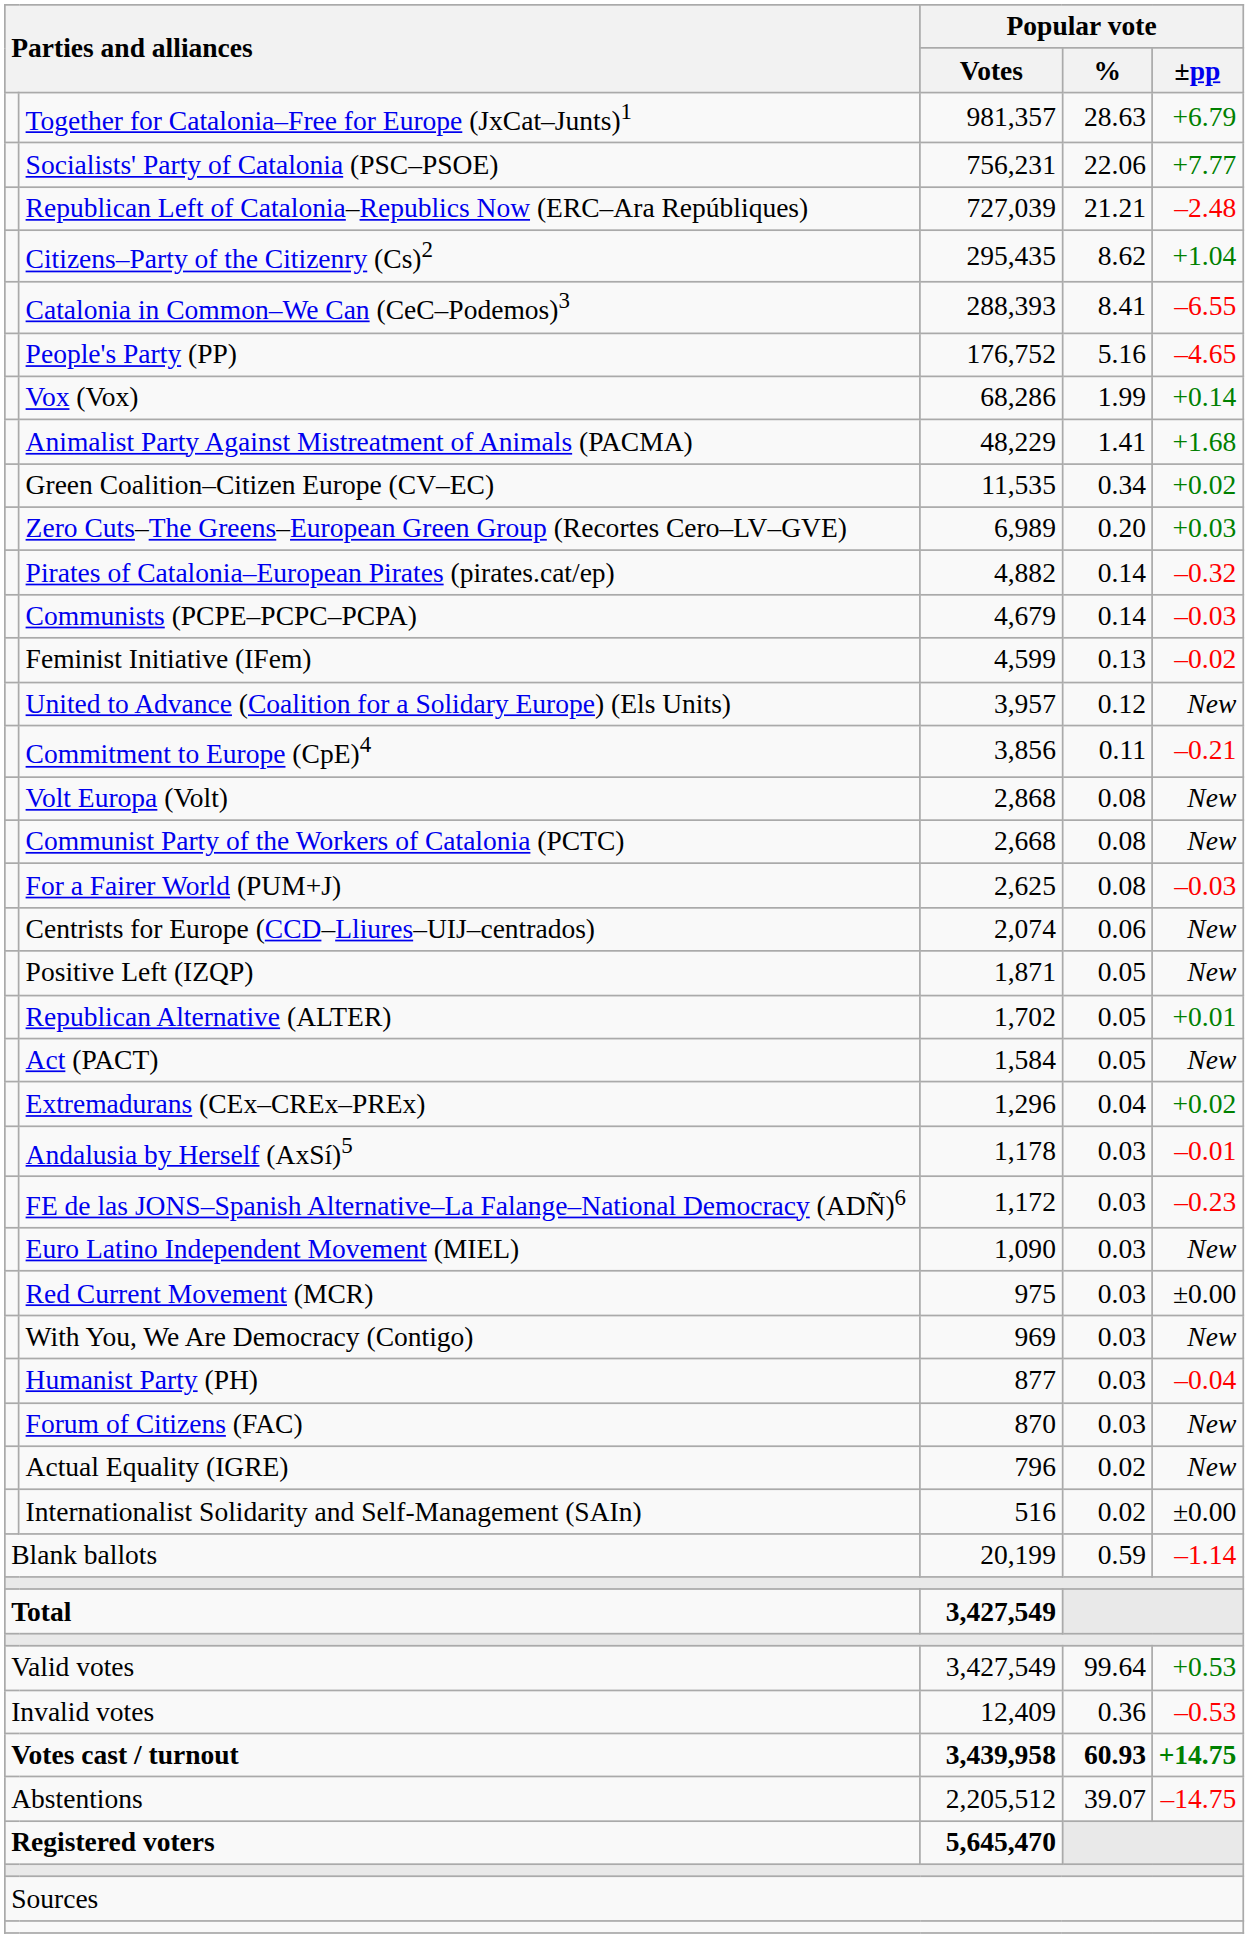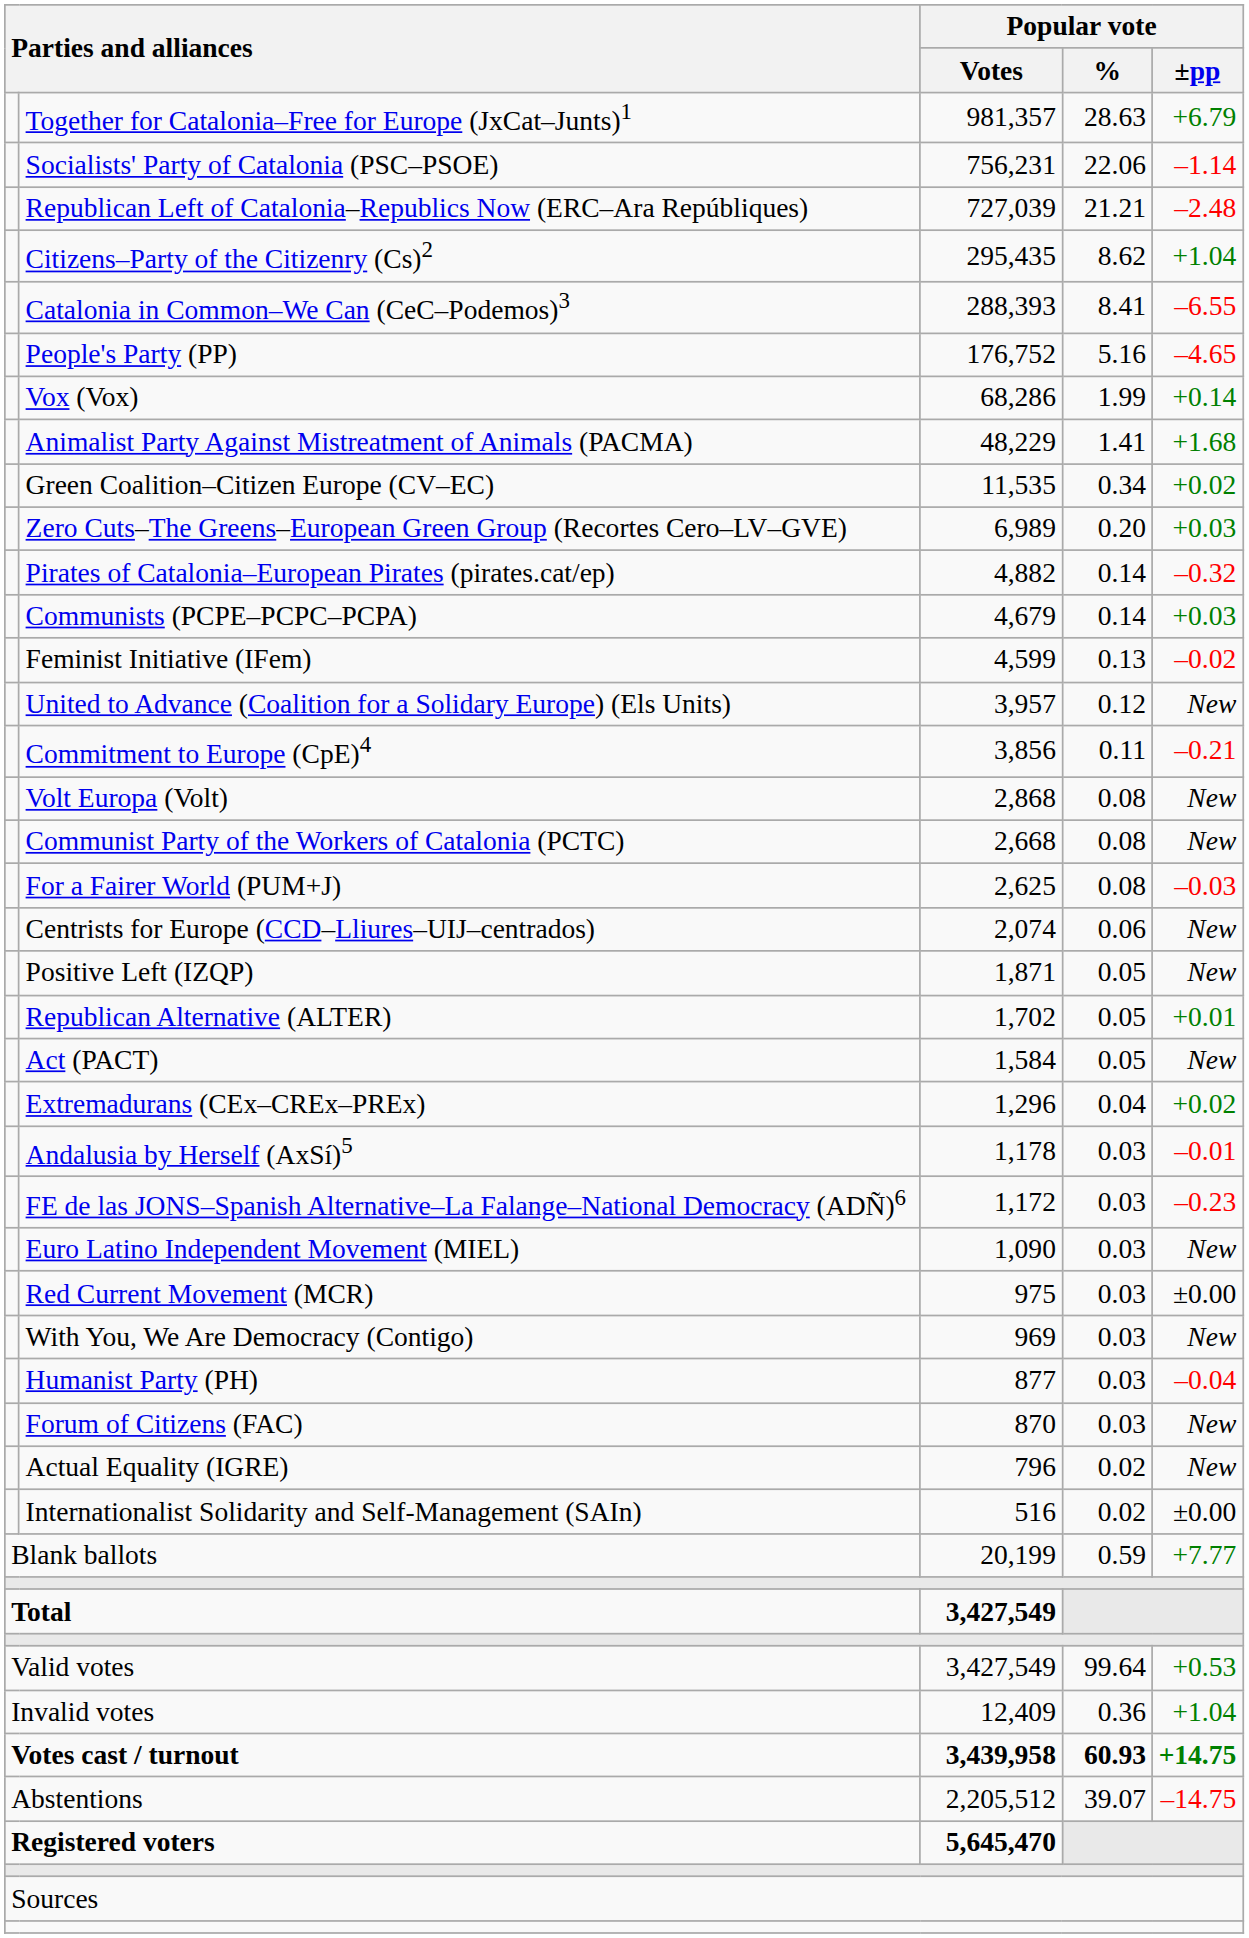 <table class="wikitable" style="text-align:right;">
 <tr>
 <th style="text-align:left;" rowspan="2" colspan="2" width="525">Parties and alliances</th>
 <th colspan="3">Popular vote</th>
 </tr>
 <tr>
 <th width="75">Votes</th>
 <th width="45">%</th>
 <th width="45">±<a href='#'>pp</a></th>
 </tr>
 <tr>
 <td width="1" style="color:inherit;background:"></td>
 <td align="left"><a href='#'>Together for Catalonia–Free for Europe</a> (JxCat–Junts)<sup>1</sup></td>
 <td>981,357</td>
 <td>28.63</td>
 <td style="color:green;">+6.79</td>
 </tr>
 <tr>
 <td style="color:inherit;background:"></td>
 <td align="left"><a href='#'>Socialists' Party of Catalonia</a> (PSC–PSOE)</td>
 <td>756,231</td>
 <td>22.06</td>
-<td style="color:green;">+7.77</td>
+<td style="color:red;">–1.14</td>
 </tr>
 <tr>
 <td style="color:inherit;background:"></td>
 <td align="left"><a href='#'>Republican Left of Catalonia</a>–<a href='#'>Republics Now</a> (ERC–Ara Repúbliques)</td>
 <td>727,039</td>
 <td>21.21</td>
 <td style="color:red;">–2.48</td>
 </tr>
 <tr>
 <td style="color:inherit;background:"></td>
 <td align="left"><a href='#'>Citizens–Party of the Citizenry</a> (Cs)<sup>2</sup></td>
 <td>295,435</td>
 <td>8.62</td>
 <td style="color:green;">+1.04</td>
 </tr>
 <tr>
 <td style="color:inherit;background:"></td>
 <td align="left"><a href='#'>Catalonia in Common–We Can</a> (CeC–Podemos)<sup>3</sup></td>
 <td>288,393</td>
 <td>8.41</td>
 <td style="color:red;">–6.55</td>
 </tr>
 <tr>
 <td style="color:inherit;background:"></td>
 <td align="left"><a href='#'>People's Party</a> (PP)</td>
 <td>176,752</td>
 <td>5.16</td>
 <td style="color:red;">–4.65</td>
 </tr>
 <tr>
 <td style="color:inherit;background:"></td>
 <td align="left"><a href='#'>Vox</a> (Vox)</td>
 <td>68,286</td>
 <td>1.99</td>
 <td style="color:green;">+0.14</td>
 </tr>
 <tr>
 <td style="color:inherit;background:"></td>
 <td align="left"><a href='#'>Animalist Party Against Mistreatment of Animals</a> (PACMA)</td>
 <td>48,229</td>
 <td>1.41</td>
 <td style="color:green;">+1.68</td>
 </tr>
 <tr>
 <td style="color:inherit;background:"></td>
 <td align="left">Green Coalition–Citizen Europe (CV–EC)</td>
 <td>11,535</td>
 <td>0.34</td>
 <td style="color:green;">+0.02</td>
 </tr>
 <tr>
 <td style="color:inherit;background:"></td>
 <td align="left"><a href='#'>Zero Cuts</a>–<a href='#'>The Greens</a>–<a href='#'>European Green Group</a> (Recortes Cero–LV–GVE)</td>
 <td>6,989</td>
 <td>0.20</td>
 <td style="color:green;">+0.03</td>
 </tr>
 <tr>
 <td style="color:inherit;background:"></td>
 <td align="left"><a href='#'>Pirates of Catalonia–European Pirates</a> (pirates.cat/ep)</td>
 <td>4,882</td>
 <td>0.14</td>
 <td style="color:red;">–0.32</td>
 </tr>
 <tr>
 <td style="color:inherit;background:"></td>
 <td align="left"><a href='#'>Communists</a> (PCPE–PCPC–PCPA)</td>
 <td>4,679</td>
 <td>0.14</td>
-<td style="color:red;">–0.03</td>
+<td style="color:green;">+0.03</td>
 </tr>
 <tr>
 <td style="color:inherit;background:"></td>
 <td align="left">Feminist Initiative (IFem)</td>
 <td>4,599</td>
 <td>0.13</td>
 <td style="color:red;">–0.02</td>
 </tr>
 <tr>
 <td style="color:inherit;background:"></td>
 <td align="left"><a href='#'>United to Advance</a> (<a href='#'>Coalition for a Solidary Europe</a>) (Els Units)</td>
 <td>3,957</td>
 <td>0.12</td>
 <td><em>New</em></td>
 </tr>
 <tr>
 <td style="color:inherit;background:"></td>
 <td align="left"><a href='#'>Commitment to Europe</a> (CpE)<sup>4</sup></td>
 <td>3,856</td>
 <td>0.11</td>
 <td style="color:red;">–0.21</td>
 </tr>
 <tr>
 <td style="color:inherit;background:"></td>
 <td align="left"><a href='#'>Volt Europa</a> (Volt)</td>
 <td>2,868</td>
 <td>0.08</td>
 <td><em>New</em></td>
 </tr>
 <tr>
 <td style="color:inherit;background:"></td>
 <td align="left"><a href='#'>Communist Party of the Workers of Catalonia</a> (PCTC)</td>
 <td>2,668</td>
 <td>0.08</td>
 <td><em>New</em></td>
 </tr>
 <tr>
 <td style="color:inherit;background:"></td>
 <td align="left"><a href='#'>For a Fairer World</a> (PUM+J)</td>
 <td>2,625</td>
 <td>0.08</td>
 <td style="color:red;">–0.03</td>
 </tr>
 <tr>
 <td style="color:inherit;background:"></td>
 <td align="left">Centrists for Europe (<a href='#'>CCD</a>–<a href='#'>Lliures</a>–UIJ–centrados)</td>
 <td>2,074</td>
 <td>0.06</td>
 <td><em>New</em></td>
 </tr>
 <tr>
 <td style="color:inherit;background:"></td>
 <td align="left">Positive Left (IZQP)</td>
 <td>1,871</td>
 <td>0.05</td>
 <td><em>New</em></td>
 </tr>
 <tr>
 <td style="color:inherit;background:"></td>
 <td align="left"><a href='#'>Republican Alternative</a> (ALTER)</td>
 <td>1,702</td>
 <td>0.05</td>
 <td style="color:green;">+0.01</td>
 </tr>
 <tr>
 <td style="color:inherit;background:"></td>
 <td align="left"><a href='#'>Act</a> (PACT)</td>
 <td>1,584</td>
 <td>0.05</td>
 <td><em>New</em></td>
 </tr>
 <tr>
 <td style="color:inherit;background:"></td>
 <td align="left"><a href='#'>Extremadurans</a> (CEx–CREx–PREx)</td>
 <td>1,296</td>
 <td>0.04</td>
 <td style="color:green;">+0.02</td>
 </tr>
 <tr>
 <td style="color:inherit;background:"></td>
 <td align="left"><a href='#'>Andalusia by Herself</a> (AxSí)<sup>5</sup></td>
 <td>1,178</td>
 <td>0.03</td>
 <td style="color:red;">–0.01</td>
 </tr>
 <tr>
 <td style="color:inherit;background:"></td>
 <td align="left"><a href='#'>FE de las JONS–Spanish Alternative–La Falange–National Democracy</a> (ADÑ)<sup>6</sup></td>
 <td>1,172</td>
 <td>0.03</td>
 <td style="color:red;">–0.23</td>
 </tr>
 <tr>
 <td style="color:inherit;background:"></td>
 <td align="left"><a href='#'>Euro Latino Independent Movement</a> (MIEL)</td>
 <td>1,090</td>
 <td>0.03</td>
 <td><em>New</em></td>
 </tr>
 <tr>
 <td style="color:inherit;background:"></td>
 <td align="left"><a href='#'>Red Current Movement</a> (MCR)</td>
 <td>975</td>
 <td>0.03</td>
 <td>±0.00</td>
 </tr>
 <tr>
 <td style="color:inherit;background:"></td>
 <td align="left">With You, We Are Democracy (Contigo)</td>
 <td>969</td>
 <td>0.03</td>
 <td><em>New</em></td>
 </tr>
 <tr>
 <td style="color:inherit;background:"></td>
 <td align="left"><a href='#'>Humanist Party</a> (PH)</td>
 <td>877</td>
 <td>0.03</td>
 <td style="color:red;">–0.04</td>
 </tr>
 <tr>
 <td style="color:inherit;background:"></td>
 <td align="left"><a href='#'>Forum of Citizens</a> (FAC)</td>
 <td>870</td>
 <td>0.03</td>
 <td><em>New</em></td>
 </tr>
 <tr>
 <td style="color:inherit;background:"></td>
 <td align="left">Actual Equality (IGRE)</td>
 <td>796</td>
 <td>0.02</td>
 <td><em>New</em></td>
 </tr>
 <tr>
 <td style="color:inherit;background:"></td>
 <td align="left">Internationalist Solidarity and Self-Management (SAIn)</td>
 <td>516</td>
 <td>0.02</td>
 <td>±0.00</td>
 </tr>
 <tr>
 <td align="left" colspan="2">Blank ballots</td>
 <td>20,199</td>
 <td>0.59</td>
-<td style="color:red;">–1.14</td>
+<td style="color:green;">+7.77</td>
 </tr>
 <tr>
 <td colspan="5" bgcolor="#E9E9E9"></td>
 </tr>
 <tr style="font-weight:bold;">
 <td align="left" colspan="2">Total</td>
 <td>3,427,549</td>
 <td bgcolor="#E9E9E9" colspan="2"></td>
 </tr>
 <tr>
 <td colspan="5" bgcolor="#E9E9E9"></td>
 </tr>
 <tr>
 <td align="left" colspan="2">Valid votes</td>
 <td>3,427,549</td>
 <td>99.64</td>
 <td style="color:green;">+0.53</td>
 </tr>
 <tr>
 <td align="left" colspan="2">Invalid votes</td>
 <td>12,409</td>
 <td>0.36</td>
-<td style="color:red;">–0.53</td>
+<td style="color:green;">+1.04</td>
 </tr>
 <tr style="font-weight:bold;">
 <td align="left" colspan="2">Votes cast / turnout</td>
 <td>3,439,958</td>
 <td>60.93</td>
 <td style="color:green;">+14.75</td>
 </tr>
 <tr>
 <td align="left" colspan="2">Abstentions</td>
 <td>2,205,512</td>
 <td>39.07</td>
 <td style="color:red;">–14.75</td>
 </tr>
 <tr style="font-weight:bold;">
 <td align="left" colspan="2">Registered voters</td>
 <td>5,645,470</td>
 <td bgcolor="#E9E9E9" colspan="2"></td>
 </tr>
 <tr>
 <td colspan="5" bgcolor="#E9E9E9"></td>
 </tr>
 <tr>
 <td align="left" colspan="5">Sources</td>
 </tr>
 <tr>
 <td colspan="5" style="text-align:left; max-width:680px;"></td>
 </tr>
 </table>
